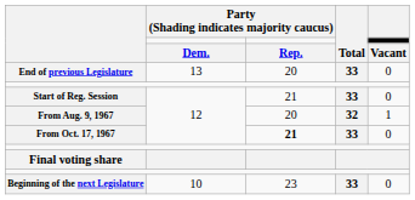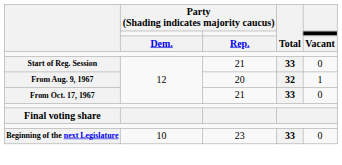 <table class=wikitable style="text-align:center">
 <tr style="vertical-align:bottom;">
 <th rowspan=3></th>
 <th colspan=2>Party <div>(Shading indicates majority caucus)</div></th>
 <th rowspan=3>Total</th>
 <th></th>
 </tr>
 <tr style="height:5px">
 <td style="background-color:"></td>
 <td style="background-color:"></td>
 <td style="background:black;"></td>
 </tr>
 <tr>
 <th><a href='#'>Dem.</a></th>
 <th><a href='#'>Rep.</a></th>
 <th>Vacant</th>
-</tr>
-<tr>
-<th style="font-size:80%;">End of <a href='#'>previous Legislature</a></th>
-<td>13</td>
-<td>20</td>
-<th>33</th>
-<td>0</td>
 </tr>
 <tr>
 <td colspan=5></td>
 </tr>
 <tr>
 <th style="font-size:80%;">Start of Reg. Session</th>
 <td rowspan="3">12</td>
 <td>21</td>
 <th>33</th>
 <td>0</td>
 </tr>
 <tr>
 <th style="font-size:80%;">From Aug. 9, 1967</th>
 <td>20</td>
 <th>32</th>
 <td>1</td>
 </tr>
 <tr>
 <th style="font-size:80%;">From Oct. 17, 1967</th>
-<td><strong>21</strong></td>
+<td>21</td>
 <th>33</th>
 <td>0</td>
 </tr>
 <tr>
 <td colspan=5></td>
 </tr>
 <tr>
 <th>Final voting share</th>
 <th></th>
 <th></th>
 <th colspan=2></th>
 </tr>
 <tr>
 <td colspan=5></td>
 </tr>
 <tr>
 <th style="font-size:80%;">Beginning of the <a href='#'>next Legislature</a></th>
 <td>10</td>
 <td>23</td>
 <th>33</th>
 <td>0</td>
 </tr>
 </table>
